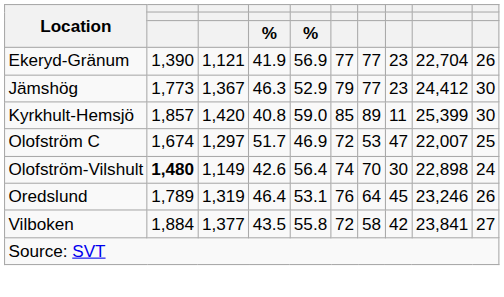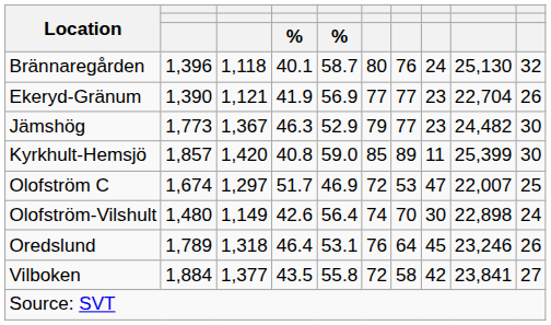 <table role="presentation" class="wikitable sortable mw-collapsible">
 <tr>
 <th rowspan="3">Location</th>
 <th></th>
 <th></th>
 <th></th>
 <th></th>
 <th></th>
 <th></th>
 <th></th>
 <th></th>
 <th></th>
 </tr>
 <tr>
 <th></th>
 <th></th>
 <th style="background:"></th>
 <th style="background:"></th>
 <th></th>
 <th></th>
 <th></th>
 <th></th>
 <th></th>
 </tr>
 <tr>
 <th data-sort-type="number"></th>
 <th data-sort-type="number"></th>
 <th data-sort-type="number">%</th>
 <th data-sort-type="number">%</th>
 <th data-sort-type="number"></th>
 <th data-sort-type="number"></th>
 <th data-sort-type="number"></th>
 <th data-sort-type="number"></th>
 <th data-sort-type="number"></th>
 </tr>
 <tr>
+<td align="left">Brännaregården</td>
+<td>1,396</td>
+<td>1,118</td>
+<td>40.1</td>
+<td>58.7</td>
+<td>80</td>
+<td>76</td>
+<td>24</td>
+<td>25,130</td>
+<td>32</td>
+</tr>
+<tr>
 <td align="left">Ekeryd-Gränum</td>
 <td>1,390</td>
 <td>1,121</td>
 <td>41.9</td>
 <td>56.9</td>
 <td>77</td>
 <td>77</td>
 <td>23</td>
 <td>22,704</td>
 <td>26</td>
 </tr>
 <tr>
 <td align="left">Jämshög</td>
 <td>1,773</td>
 <td>1,367</td>
 <td>46.3</td>
 <td>52.9</td>
 <td>79</td>
 <td>77</td>
 <td>23</td>
-<td>24,412</td>
+<td>24,482</td>
 <td>30</td>
 </tr>
 <tr>
 <td align="left">Kyrkhult-Hemsjö</td>
 <td>1,857</td>
 <td>1,420</td>
 <td>40.8</td>
 <td>59.0</td>
 <td>85</td>
 <td>89</td>
 <td>11</td>
 <td>25,399</td>
 <td>30</td>
 </tr>
 <tr>
 <td align="left">Olofström C</td>
 <td>1,674</td>
 <td>1,297</td>
 <td>51.7</td>
 <td>46.9</td>
 <td>72</td>
 <td>53</td>
 <td>47</td>
 <td>22,007</td>
 <td>25</td>
 </tr>
 <tr>
 <td align="left">Olofström-Vilshult</td>
-<td><strong>1,480</strong></td>
+<td>1,480</td>
 <td>1,149</td>
 <td>42.6</td>
 <td>56.4</td>
 <td>74</td>
 <td>70</td>
 <td>30</td>
 <td>22,898</td>
 <td>24</td>
 </tr>
 <tr>
 <td align="left">Oredslund</td>
 <td>1,789</td>
-<td>1,319</td>
+<td>1,318</td>
 <td>46.4</td>
 <td>53.1</td>
 <td>76</td>
 <td>64</td>
 <td>45</td>
 <td>23,246</td>
 <td>26</td>
 </tr>
 <tr>
 <td align="left">Vilboken</td>
 <td>1,884</td>
 <td>1,377</td>
 <td>43.5</td>
 <td>55.8</td>
 <td>72</td>
 <td>58</td>
 <td>42</td>
 <td>23,841</td>
 <td>27</td>
 </tr>
 <tr>
 <td colspan="10" align="left">Source: <a href='#'>SVT</a></td>
 </tr>
 </table>
